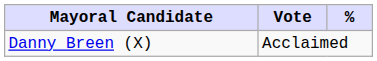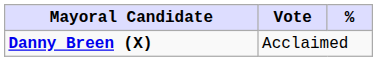 <table class="wikitable">
 <tr>
 <th style="background:#ddf; width:200px;">Mayoral Candidate</th>
 <th style="background:#ddf; width:50px;">Vote</th>
 <th style="background:#ddf; width:30px;">%</th>
 </tr>
 <tr>
-<td><a href='#'>Danny Breen</a> (X)</td>
+<td><strong><a href='#'>Danny Breen</a> (X)</strong></td>
 <td colspan="2">Acclaimed</td>
 </tr>
 </table>
